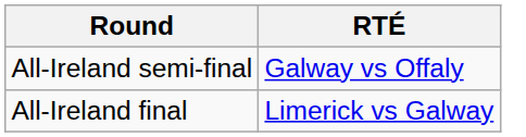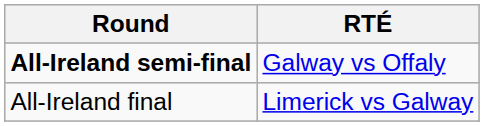 <table class="wikitable">
 <tr>
 <th>Round</th>
 <th>RTÉ</th>
 </tr>
 <tr>
-<td>All-Ireland semi-final</td>
+<td><strong>All-Ireland semi-final</strong></td>
 <td><a href='#'>Galway vs Offaly</a></td>
 </tr>
 <tr>
 <td>All-Ireland final</td>
 <td><a href='#'>Limerick vs Galway</a></td>
 </tr>
 </table>
